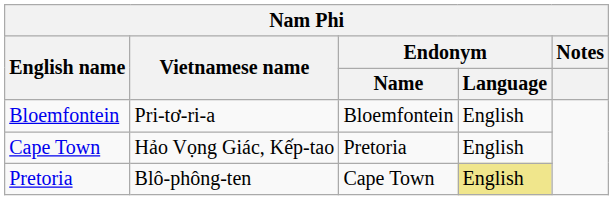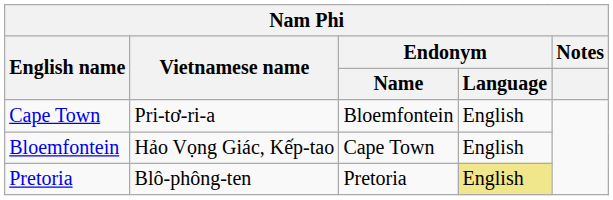 <table class="wikitable sortable">
 <tr>
 <th colspan="5"> Nam Phi</th>
 </tr>
 <tr>
 <th rowspan="2">English name</th>
 <th rowspan="2">Vietnamese name</th>
 <th colspan="2">Endonym</th>
 <th>Notes</th>
 </tr>
 <tr>
 <th>Name</th>
 <th>Language</th>
 <th></th>
 </tr>
 <tr>
-<td><a href='#'>Bloemfontein</a></td>
+<td><a href='#'>Cape Town</a></td>
 <td>Pri-tơ-ri-a</td>
 <td>Bloemfontein</td>
 <td>English</td>
 </tr>
 <tr>
-<td><a href='#'>Cape Town</a></td>
+<td><a href='#'>Bloemfontein</a></td>
 <td>Hảo Vọng Giác, Kếp-tao</td>
-<td>Pretoria</td>
+<td>Cape Town</td>
 <td>English</td>
 </tr>
 <tr>
 <td><a href='#'>Pretoria</a></td>
 <td>Blô-phông-ten</td>
-<td>Cape Town</td>
+<td>Pretoria</td>
 <td style="background: khaki;">English</td>
 </tr>
 </table>
